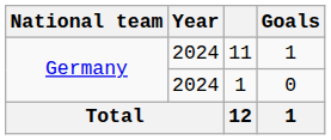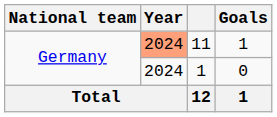 <table class="wikitable" style="text-align: center">
 <tr>
 <th>National team</th>
 <th>Year</th>
 <th></th>
 <th>Goals</th>
 </tr>
 <tr>
 <td rowspan=2><a href='#'>Germany</a></td>
-<td>2024</td>
+<td style="background: lightsalmon;">2024</td>
 <td>11</td>
 <td>1</td>
 </tr>
 <tr>
 <td>2024</td>
 <td>1</td>
 <td>0</td>
 </tr>
 <tr>
 <th colspan="2">Total</th>
 <th>12</th>
 <th>1</th>
 </tr>
 </table>
